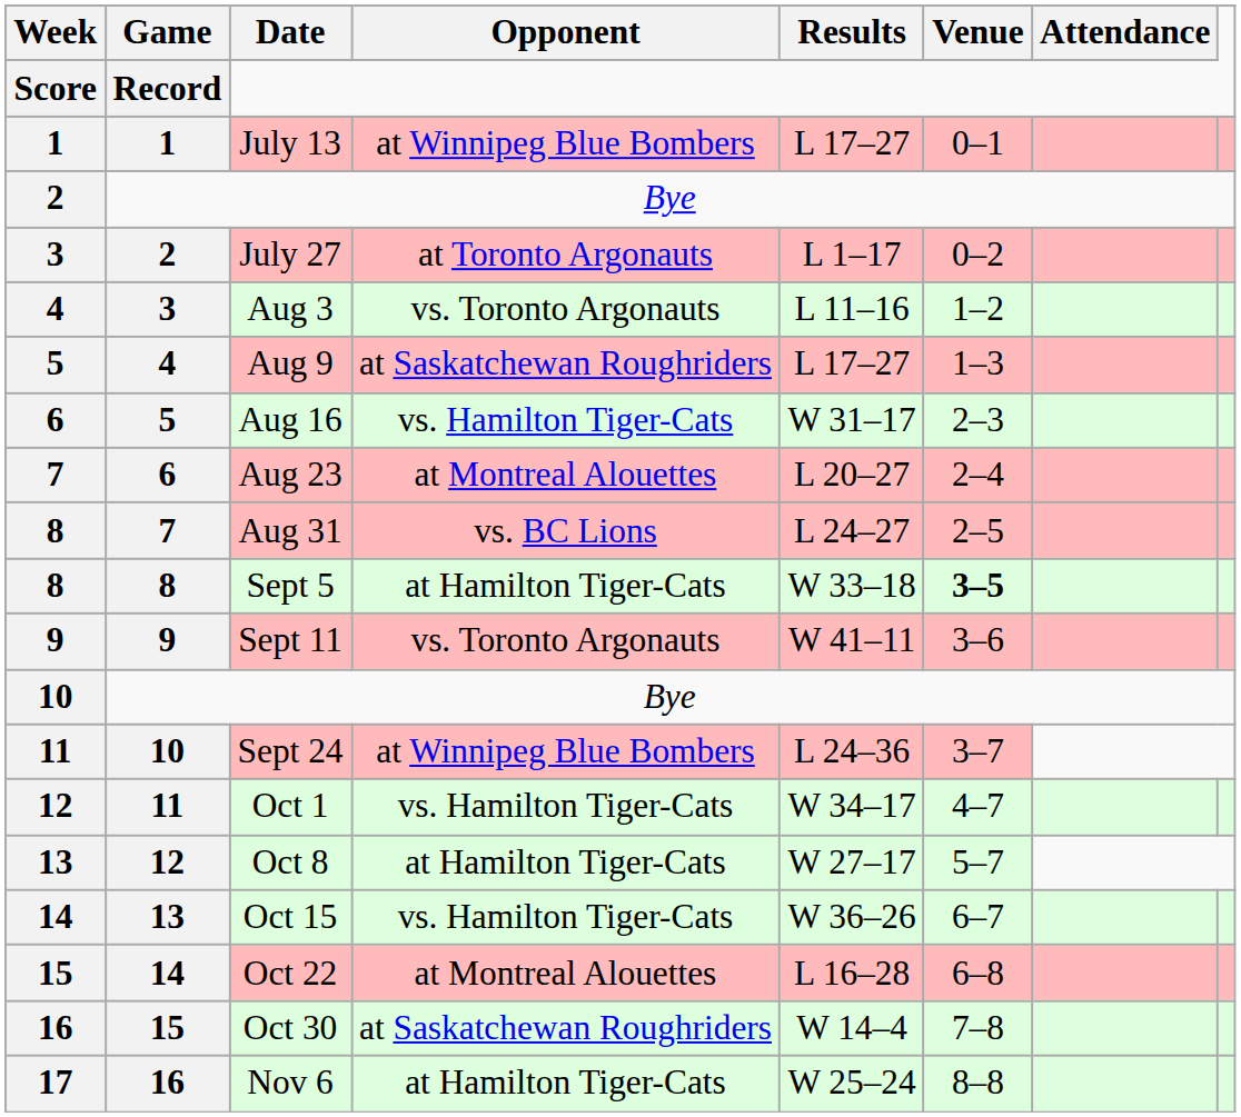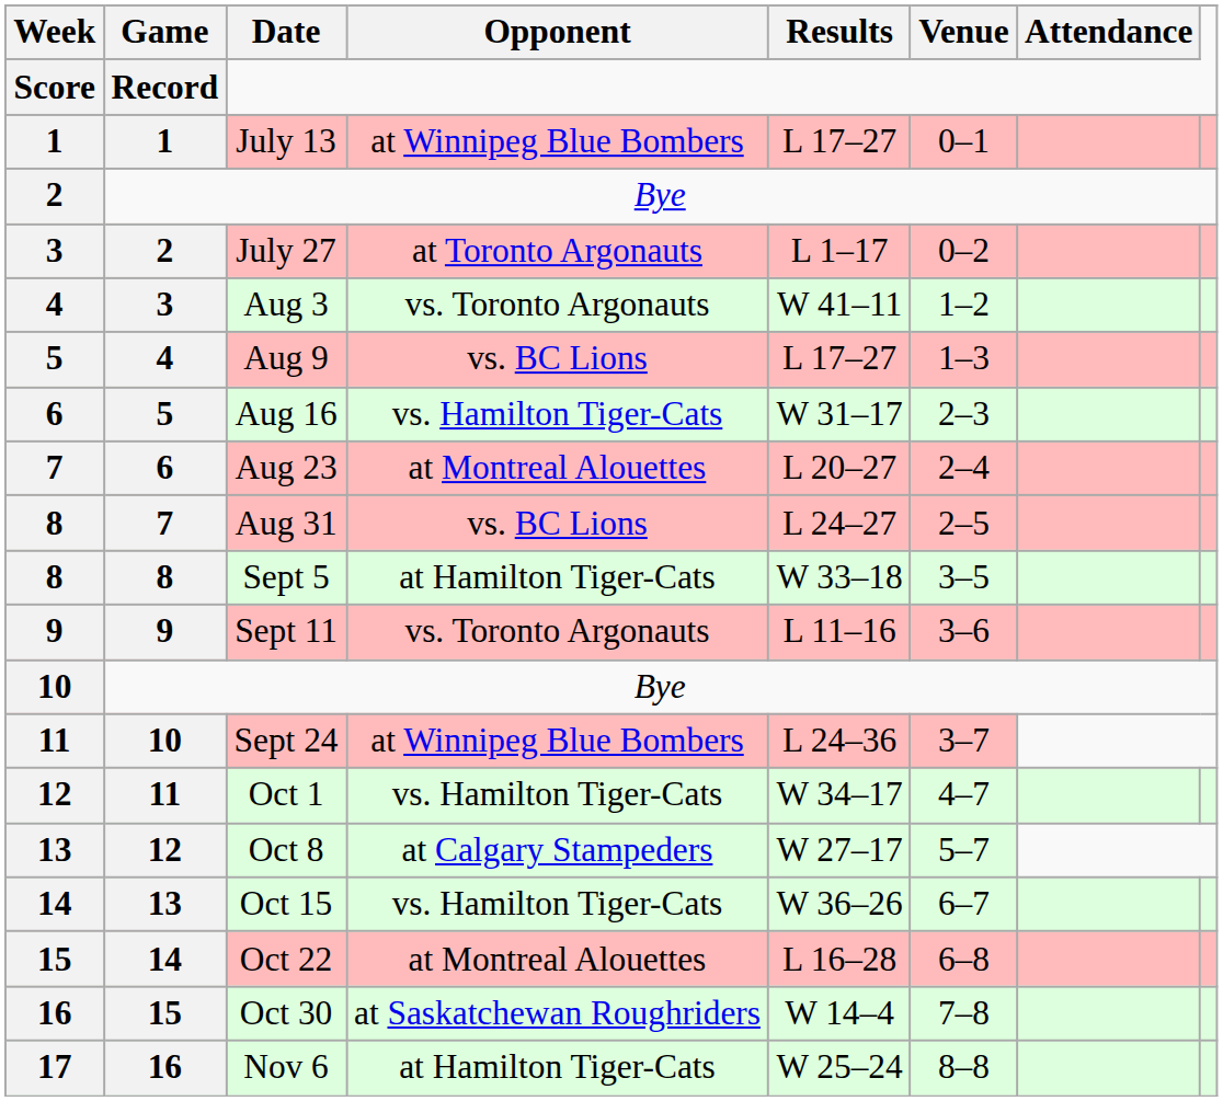 <table class="wikitable" style="text-align:center">
 <tr>
 <th>Week</th>
 <th>Game</th>
 <th>Date</th>
 <th>Opponent</th>
 <th>Results</th>
 <th>Venue</th>
 <th>Attendance</th>
 </tr>
 <tr>
 <th>Score</th>
 <th>Record</th>
 </tr>
 <tr style="background:#ffbbbb">
 <th>1</th>
 <th>1</th>
 <td>July 13</td>
 <td>at <a href='#'>Winnipeg Blue Bombers</a></td>
 <td>L 17–27</td>
 <td>0–1</td>
 <td></td>
 <td></td>
 </tr>
 <tr>
 <th>2</th>
 <td colspan=7><em><a href='#'>Bye</a></em></td>
 </tr>
 <tr style="background:#ffbbbb">
 <th>3</th>
 <th>2</th>
 <td>July 27</td>
 <td>at <a href='#'>Toronto Argonauts</a></td>
 <td>L 1–17</td>
 <td>0–2</td>
 <td></td>
 <td></td>
 </tr>
 <tr style="background:#ddffdd">
 <th>4</th>
 <th>3</th>
 <td>Aug 3</td>
 <td>vs. Toronto Argonauts</td>
-<td>L 11–16</td>
+<td>W 41–11</td>
 <td>1–2</td>
 <td></td>
 <td></td>
 </tr>
 <tr style="background:#ffbbbb">
 <th>5</th>
 <th>4</th>
 <td>Aug 9</td>
-<td>at <a href='#'>Saskatchewan Roughriders</a></td>
+<td>vs. <a href='#'>BC Lions</a></td>
 <td>L 17–27</td>
 <td>1–3</td>
 <td></td>
 <td></td>
 </tr>
 <tr style="background:#ddffdd">
 <th>6</th>
 <th>5</th>
 <td>Aug 16</td>
 <td>vs. <a href='#'>Hamilton Tiger-Cats</a></td>
 <td>W 31–17</td>
 <td>2–3</td>
 <td></td>
 <td></td>
 </tr>
 <tr style="background:#ffbbbb">
 <th>7</th>
 <th>6</th>
 <td>Aug 23</td>
 <td>at <a href='#'>Montreal Alouettes</a></td>
 <td>L 20–27</td>
 <td>2–4</td>
 <td></td>
 <td></td>
 </tr>
 <tr style="background:#ffbbbb">
 <th>8</th>
 <th>7</th>
 <td>Aug 31</td>
 <td>vs. <a href='#'>BC Lions</a></td>
 <td>L 24–27</td>
 <td>2–5</td>
 <td></td>
 <td></td>
 </tr>
 <tr style="background:#ddffdd">
 <th>8</th>
 <th>8</th>
 <td>Sept 5</td>
 <td>at Hamilton Tiger-Cats</td>
 <td>W 33–18</td>
-<td><strong>3–5</strong></td>
+<td>3–5</td>
 <td></td>
 <td></td>
 </tr>
 <tr style="background:#ffbbbb">
 <th>9</th>
 <th>9</th>
 <td>Sept 11</td>
 <td>vs. Toronto Argonauts</td>
-<td>W 41–11</td>
+<td>L 11–16</td>
 <td>3–6</td>
 <td></td>
 <td></td>
 </tr>
 <tr>
 <th>10</th>
 <td colspan=7><em>Bye</em></td>
 </tr>
 <tr style="background:#ffbbbb">
 <th>11</th>
 <th>10</th>
 <td>Sept 24</td>
 <td>at <a href='#'>Winnipeg Blue Bombers</a></td>
 <td>L 24–36</td>
 <td>3–7</td>
 </tr>
 <tr style="background:#ddffdd">
 <th>12</th>
 <th>11</th>
 <td>Oct 1</td>
 <td>vs. Hamilton Tiger-Cats</td>
 <td>W 34–17</td>
 <td>4–7</td>
 <td></td>
 <td></td>
 </tr>
 <tr style="background:#ddffdd">
 <th>13</th>
 <th>12</th>
 <td>Oct 8</td>
-<td>at Hamilton Tiger-Cats</td>
+<td>at <a href='#'>Calgary Stampeders</a></td>
 <td>W 27–17</td>
 <td>5–7</td>
 </tr>
 <tr style="background:#ddffdd">
 <th>14</th>
 <th>13</th>
 <td>Oct 15</td>
 <td>vs. Hamilton Tiger-Cats</td>
 <td>W 36–26</td>
 <td>6–7</td>
 <td></td>
 <td></td>
 </tr>
 <tr style="background:#ffbbbb">
 <th>15</th>
 <th>14</th>
 <td>Oct 22</td>
 <td>at Montreal Alouettes</td>
 <td>L 16–28</td>
 <td>6–8</td>
 <td></td>
 <td></td>
 </tr>
 <tr style="background:#ddffdd">
 <th>16</th>
 <th>15</th>
 <td>Oct 30</td>
 <td>at <a href='#'>Saskatchewan Roughriders</a></td>
 <td>W 14–4</td>
 <td>7–8</td>
 <td></td>
 <td></td>
 </tr>
 <tr style="background:#ddffdd">
 <th>17</th>
 <th>16</th>
 <td>Nov 6</td>
 <td>at Hamilton Tiger-Cats</td>
 <td>W 25–24</td>
 <td>8–8</td>
 <td></td>
 <td></td>
 </tr>
 </table>
